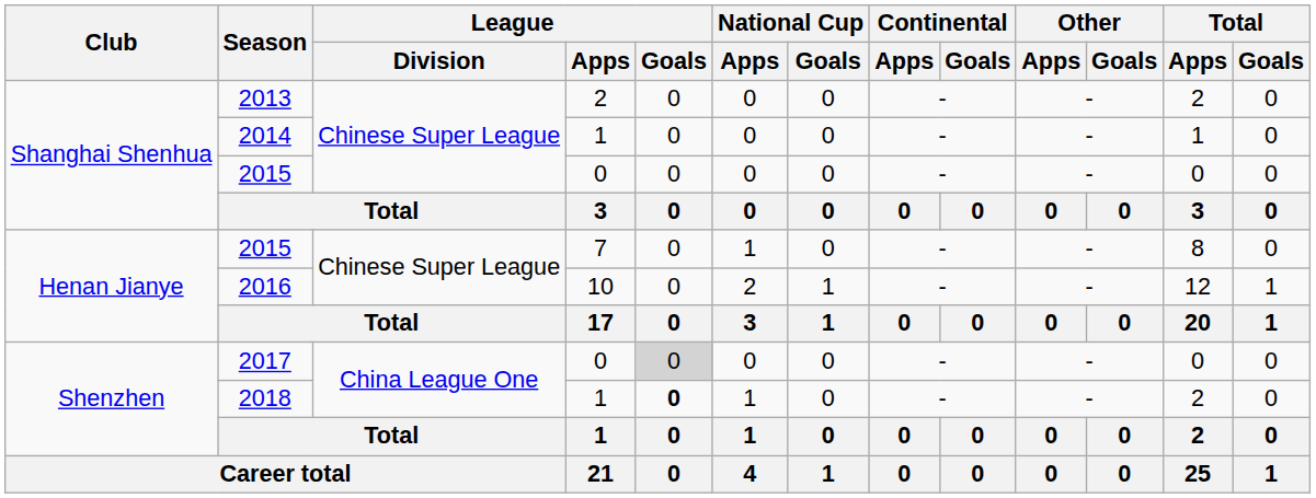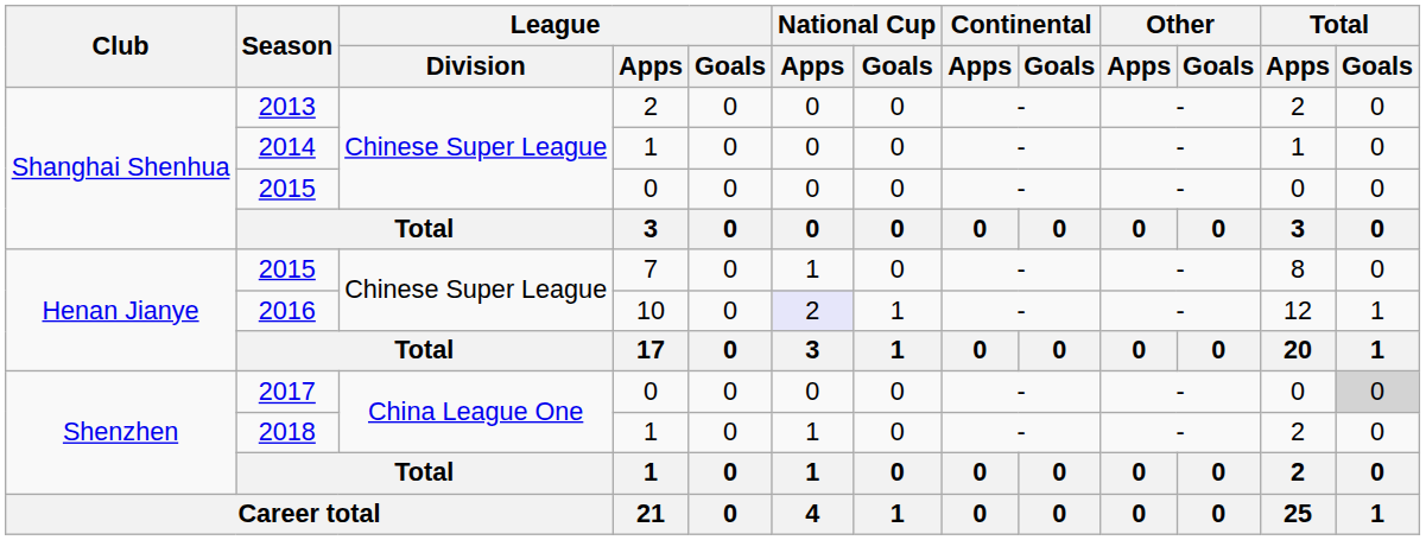 <table class="wikitable" style="text-align: center">
 <tr>
 <th rowspan="2">Club</th>
 <th rowspan="2">Season</th>
 <th colspan="3">League</th>
 <th colspan="2">National Cup</th>
 <th colspan="2">Continental</th>
 <th colspan="2">Other</th>
 <th colspan="2">Total</th>
 </tr>
 <tr>
 <th>Division</th>
 <th>Apps</th>
 <th>Goals</th>
 <th>Apps</th>
 <th>Goals</th>
 <th>Apps</th>
 <th>Goals</th>
 <th>Apps</th>
 <th>Goals</th>
 <th>Apps</th>
 <th>Goals</th>
 </tr>
 <tr>
 <td rowspan=4><a href='#'>Shanghai Shenhua</a></td>
 <td><a href='#'>2013</a></td>
 <td rowspan=3><a href='#'>Chinese Super League</a></td>
 <td>2</td>
 <td>0</td>
 <td>0</td>
 <td>0</td>
 <td colspan="2">-</td>
 <td colspan="2">-</td>
 <td>2</td>
 <td>0</td>
 </tr>
 <tr>
 <td><a href='#'>2014</a></td>
 <td>1</td>
 <td>0</td>
 <td>0</td>
 <td>0</td>
 <td colspan="2">-</td>
 <td colspan="2">-</td>
 <td>1</td>
 <td>0</td>
 </tr>
 <tr>
 <td><a href='#'>2015</a></td>
 <td>0</td>
 <td>0</td>
 <td>0</td>
 <td>0</td>
 <td colspan="2">-</td>
 <td colspan="2">-</td>
 <td>0</td>
 <td>0</td>
 </tr>
 <tr>
 <th colspan=2>Total</th>
 <th>3</th>
 <th>0</th>
 <th>0</th>
 <th>0</th>
 <th>0</th>
 <th>0</th>
 <th>0</th>
 <th>0</th>
 <th>3</th>
 <th>0</th>
 </tr>
 <tr>
 <td rowspan=3><a href='#'>Henan Jianye</a></td>
 <td><a href='#'>2015</a></td>
 <td rowspan=2>Chinese Super League</td>
 <td>7</td>
 <td>0</td>
 <td>1</td>
 <td>0</td>
 <td colspan="2">-</td>
 <td colspan="2">-</td>
 <td>8</td>
 <td>0</td>
 </tr>
 <tr>
 <td><a href='#'>2016</a></td>
 <td>10</td>
 <td>0</td>
-<td>2</td>
+<td style="background: lavender;">2</td>
 <td>1</td>
 <td colspan="2">-</td>
 <td colspan="2">-</td>
 <td>12</td>
 <td>1</td>
 </tr>
 <tr>
 <th colspan=2>Total</th>
 <th>17</th>
 <th>0</th>
 <th>3</th>
 <th>1</th>
 <th>0</th>
 <th>0</th>
 <th>0</th>
 <th>0</th>
 <th>20</th>
 <th>1</th>
 </tr>
 <tr>
 <td rowspan=3><a href='#'>Shenzhen</a></td>
 <td><a href='#'>2017</a></td>
 <td rowspan="2"><a href='#'>China League One</a></td>
 <td>0</td>
-<td style="background: lightgrey;">0</td>
+<td>0</td>
 <td>0</td>
 <td>0</td>
 <td colspan="2">-</td>
 <td colspan="2">-</td>
 <td>0</td>
-<td>0</td>
+<td style="background: lightgrey;">0</td>
 </tr>
 <tr>
 <td><a href='#'>2018</a></td>
 <td>1</td>
-<td><strong>0</strong></td>
+<td>0</td>
 <td>1</td>
 <td>0</td>
 <td colspan="2">-</td>
 <td colspan="2">-</td>
 <td>2</td>
 <td>0</td>
 </tr>
 <tr>
 <th colspan=2>Total</th>
 <th>1</th>
 <th>0</th>
 <th>1</th>
 <th>0</th>
 <th>0</th>
 <th>0</th>
 <th>0</th>
 <th>0</th>
 <th>2</th>
 <th>0</th>
 </tr>
 <tr>
 <th colspan=3>Career total</th>
 <th>21</th>
 <th>0</th>
 <th>4</th>
 <th>1</th>
 <th>0</th>
 <th>0</th>
 <th>0</th>
 <th>0</th>
 <th>25</th>
 <th>1</th>
 </tr>
 </table>
